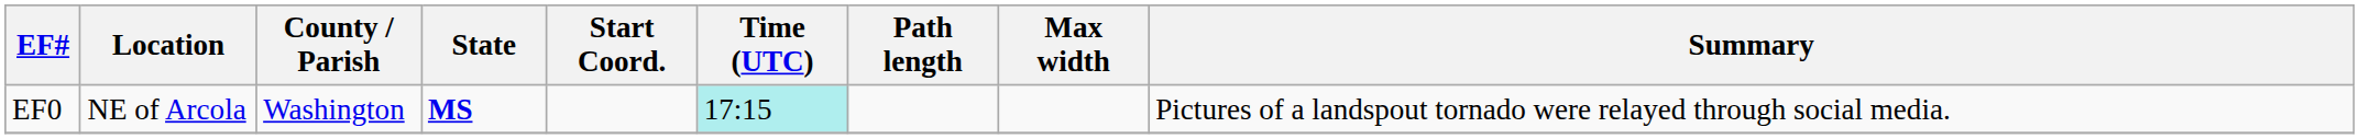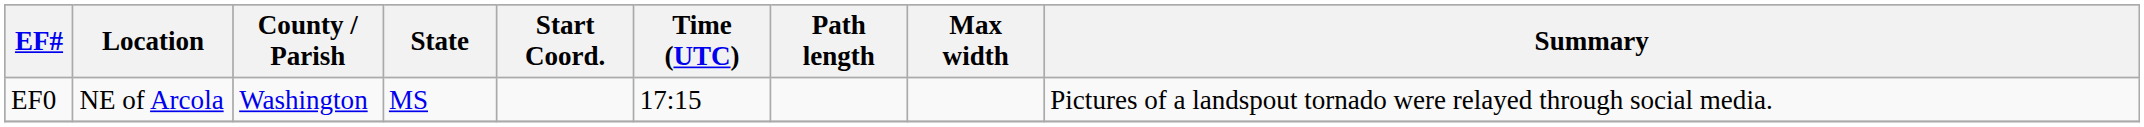 <table class="wikitable sortable" style="width:100%;">
 <tr>
 <th scope="col"  style="width:3%; text-align:center;"><a href='#'>EF#</a></th>
 <th scope="col"  style="width:7%; text-align:center;" class="unsortable">Location</th>
 <th scope="col"  style="width:6%; text-align:center;" class="unsortable">County / Parish</th>
 <th scope="col"  style="width:5%; text-align:center;">State</th>
 <th scope="col"  style="width:6%; text-align:center;">Start Coord.</th>
 <th scope="col"  style="width:6%; text-align:center;">Time (<a href='#'>UTC</a>)</th>
 <th scope="col"  style="width:6%; text-align:center;">Path length</th>
 <th scope="col"  style="width:6%; text-align:center;">Max width</th>
 <th scope="col" class="unsortable" style="width:48%; text-align:center;">Summary</th>
 </tr>
 <tr>
 <td>EF0</td>
 <td>NE of <a href='#'>Arcola</a></td>
 <td><a href='#'>Washington</a></td>
-<td><strong><a href='#'>MS</a></strong></td>
+<td><a href='#'>MS</a></td>
 <td></td>
-<td style="background: paleturquoise;">17:15</td>
+<td>17:15</td>
 <td></td>
 <td></td>
 <td>Pictures of a landspout tornado were relayed through social media.</td>
 </tr>
 <tr>
 </tr>
 </table>
